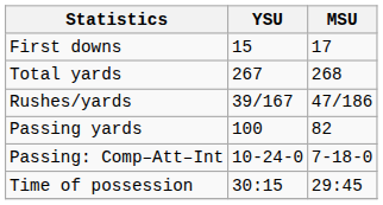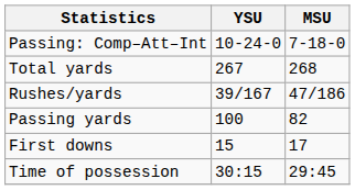 <table class="wikitable" style="float: left;">
 <tr>
 <th>Statistics</th>
 <th>YSU</th>
 <th>MSU</th>
 </tr>
 <tr>
-<td>First downs</td>
-<td>15</td>
-<td>17</td>
+<td>Passing: Comp–Att–Int</td>
+<td>10-24-0</td>
+<td>7-18-0</td>
 </tr>
 <tr>
 <td>Total yards</td>
 <td>267</td>
 <td>268</td>
 </tr>
 <tr>
 <td>Rushes/yards</td>
 <td>39/167</td>
 <td>47/186</td>
 </tr>
 <tr>
 <td>Passing yards</td>
 <td>100</td>
 <td>82</td>
 </tr>
 <tr>
-<td>Passing: Comp–Att–Int</td>
-<td>10-24-0</td>
-<td>7-18-0</td>
+<td>First downs</td>
+<td>15</td>
+<td>17</td>
 </tr>
 <tr>
 <td>Time of possession</td>
 <td>30:15</td>
 <td>29:45</td>
 </tr>
 <tr>
 </tr>
 </table>
